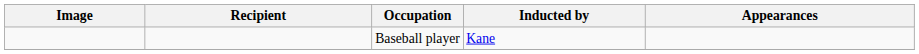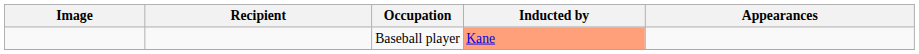 <table class="wikitable" style="font-size: 95%">
 <tr>
 <th class="unsortable">Image</th>
 <th style="width:25%;">Recipient<br></th>
 <th style="width:10%;">Occupation</th>
 <th style="width:20%;">Inducted by</th>
 <th class="unsortable">Appearances</th>
 </tr>
 <tr>
 <td></td>
 <td></td>
 <td>Baseball player</td>
-<td><a href='#'>Kane</a></td>
+<td style="background: lightsalmon;"><a href='#'>Kane</a></td>
 <td></td>
 </tr>
 <tr>
 </tr>
 </table>
